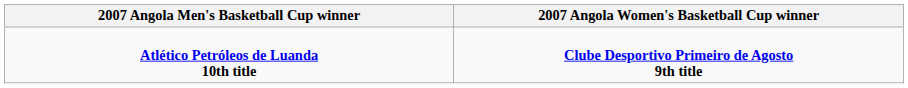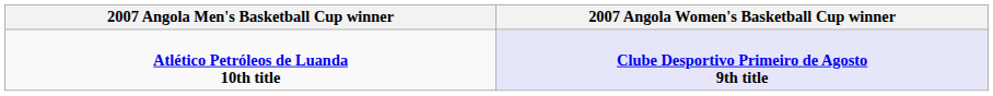 <table class=wikitable style="text-align:center; width: 1000px; margin:auto">
 <tr>
 <th width=600px>2007 Angola Men's Basketball Cup winner</th>
 <th width=600px>2007 Angola Women's Basketball Cup winner</th>
 </tr>
 <tr>
 <td><br><strong><a href='#'>Atlético Petróleos de Luanda</a></strong><br><strong>10th title</strong></td>
-<td><br><strong><a href='#'>Clube Desportivo Primeiro de Agosto</a></strong><br><strong>9th title</strong></td>
+<td style="background: lavender;"><br><strong><a href='#'>Clube Desportivo Primeiro de Agosto</a></strong><br><strong>9th title</strong></td>
 </tr>
 </table>
